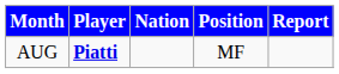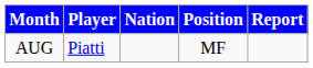 <table class="wikitable" style="font-size: 95%; text-align: center;">
 <tr>
 <th style="background:#00f; color:white; text-align:center;">Month</th>
 <th style="background:#00f; color:white; text-align:center;">Player</th>
 <th style="background:#00f; color:white; text-align:center;">Nation</th>
 <th style="background:#00f; color:white; text-align:center;">Position</th>
 <th style="background:#00f; color:white; text-align:center;">Report</th>
 </tr>
 <tr>
 <td>AUG</td>
-<td style="text-align:left;"><strong><a href='#'>Piatti</a></strong></td>
+<td style="text-align:left;"><a href='#'>Piatti</a></td>
 <td style="text-align:left;"></td>
 <td>MF</td>
 <td></td>
 </tr>
 <tr>
 </tr>
 </table>
